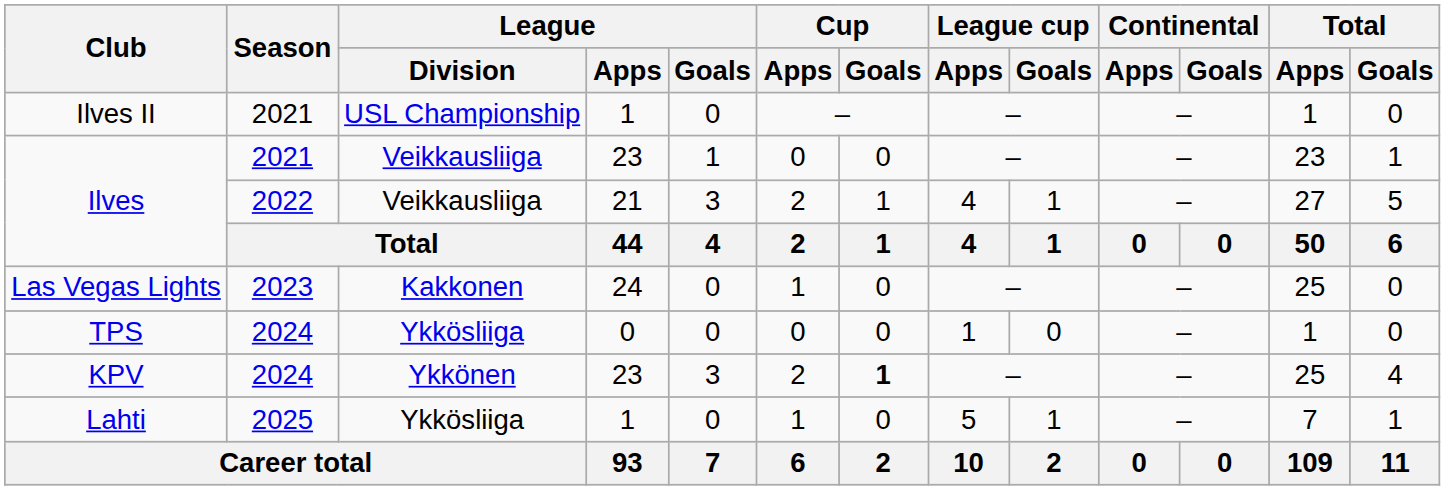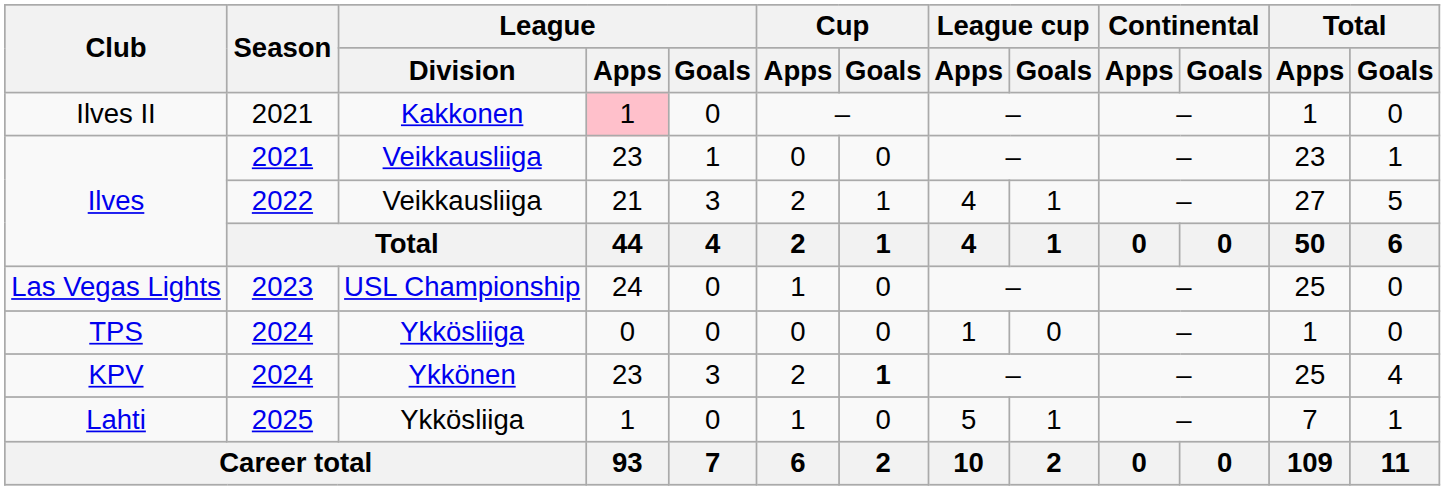 <table class="wikitable" style="text-align:center">
 <tr>
 <th rowspan="2">Club</th>
 <th rowspan="2">Season</th>
 <th colspan="3">League</th>
 <th colspan="2">Cup</th>
 <th colspan="2">League cup</th>
 <th colspan="2">Continental</th>
 <th colspan="2">Total</th>
 </tr>
 <tr>
 <th>Division</th>
 <th>Apps</th>
 <th>Goals</th>
 <th>Apps</th>
 <th>Goals</th>
 <th>Apps</th>
 <th>Goals</th>
 <th>Apps</th>
 <th>Goals</th>
 <th>Apps</th>
 <th>Goals</th>
 </tr>
 <tr>
 <td>Ilves II</td>
 <td>2021</td>
-<td><a href='#'>USL Championship</a></td>
-<td>1</td>
+<td><a href='#'>Kakkonen</a></td>
+<td style="background: pink;">1</td>
 <td>0</td>
 <td colspan=2>–</td>
 <td colspan=2>–</td>
 <td colspan=2>–</td>
 <td>1</td>
 <td>0</td>
 </tr>
 <tr>
 <td rowspan=3><a href='#'>Ilves</a></td>
 <td><a href='#'>2021</a></td>
 <td><a href='#'>Veikkausliiga</a></td>
 <td>23</td>
 <td>1</td>
 <td>0</td>
 <td>0</td>
 <td colspan=2>–</td>
 <td colspan=2>–</td>
 <td>23</td>
 <td>1</td>
 </tr>
 <tr>
 <td><a href='#'>2022</a></td>
 <td>Veikkausliiga</td>
 <td>21</td>
 <td>3</td>
 <td>2</td>
 <td>1</td>
 <td>4</td>
 <td>1</td>
 <td colspan=2>–</td>
 <td>27</td>
 <td>5</td>
 </tr>
 <tr>
 <th colspan=2>Total</th>
 <th>44</th>
 <th>4</th>
 <th>2</th>
 <th>1</th>
 <th>4</th>
 <th>1</th>
 <th>0</th>
 <th>0</th>
 <th>50</th>
 <th>6</th>
 </tr>
 <tr>
 <td><a href='#'>Las Vegas Lights</a></td>
 <td><a href='#'>2023</a></td>
-<td><a href='#'>Kakkonen</a></td>
+<td><a href='#'>USL Championship</a></td>
 <td>24</td>
 <td>0</td>
 <td>1</td>
 <td>0</td>
 <td colspan=2>–</td>
 <td colspan=2>–</td>
 <td>25</td>
 <td>0</td>
 </tr>
 <tr>
 <td><a href='#'>TPS</a></td>
 <td><a href='#'>2024</a></td>
 <td><a href='#'>Ykkösliiga</a></td>
 <td>0</td>
 <td>0</td>
 <td>0</td>
 <td>0</td>
 <td>1</td>
 <td>0</td>
 <td colspan=2>–</td>
 <td>1</td>
 <td>0</td>
 </tr>
 <tr>
 <td><a href='#'>KPV</a></td>
 <td><a href='#'>2024</a></td>
 <td><a href='#'>Ykkönen</a></td>
 <td>23</td>
 <td>3</td>
 <td>2</td>
 <td><strong>1</strong></td>
 <td colspan=2>–</td>
 <td colspan=2>–</td>
 <td>25</td>
 <td>4</td>
 </tr>
 <tr>
 <td><a href='#'>Lahti</a></td>
 <td><a href='#'>2025</a></td>
 <td>Ykkösliiga</td>
 <td>1</td>
 <td>0</td>
 <td>1</td>
 <td>0</td>
 <td>5</td>
 <td>1</td>
 <td colspan=2>–</td>
 <td>7</td>
 <td>1</td>
 </tr>
 <tr>
 <th colspan="3">Career total</th>
 <th>93</th>
 <th>7</th>
 <th>6</th>
 <th>2</th>
 <th>10</th>
 <th>2</th>
 <th>0</th>
 <th>0</th>
 <th>109</th>
 <th>11</th>
 </tr>
 </table>
